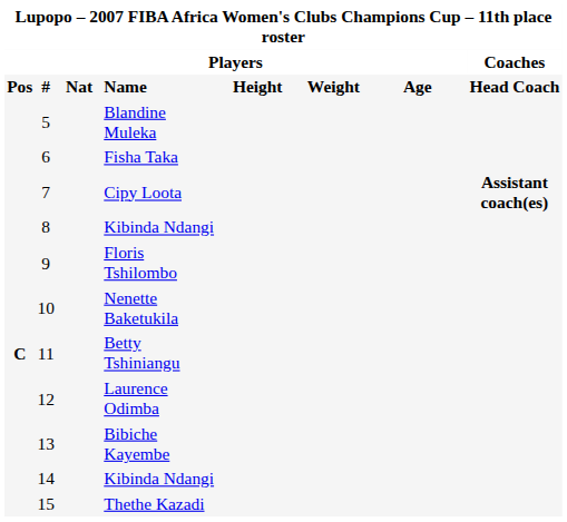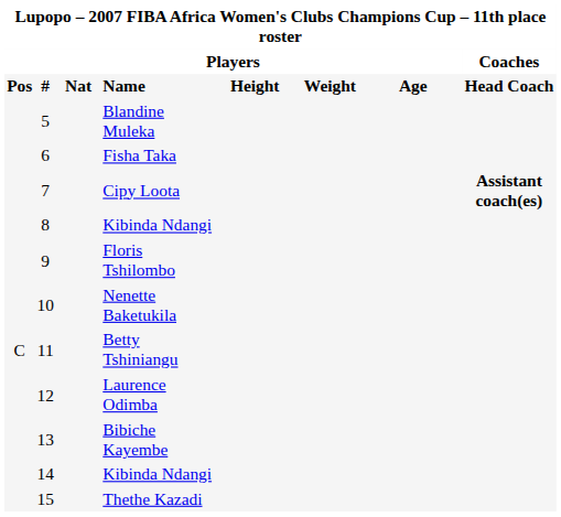 <table border=0 cellpadding=2 cellspacing=0  |- bgcolor=#f5f5f5 style="text-align:center; font-size:90%;" width=75%>
 <tr>
 <td colspan="8" style="background: white; color: black"><strong>Lupopo – 2007 FIBA Africa Women's Clubs Champions Cup – 11th place roster</strong></td>
 </tr>
 <tr>
 <td colspan="7" style="background: white; color: black"><strong>Players</strong></td>
 <td style="background: white; color: black"><strong>Coaches</strong></td>
 </tr>
 <tr style="background=#f5f5f5; color: black">
 <th width=5px>Pos</th>
 <th width=5px>#</th>
 <th width=50px>Nat</th>
 <th width=135px align=left>Name</th>
 <th width=100px>Height</th>
 <th width=70px>Weight</th>
 <th width=160px>Age</th>
 <th width=105px>Head Coach</th>
 </tr>
 <tr>
 <td></td>
 <td>5</td>
 <td></td>
 <td align=left><a href='#'>Blandine Muleka</a></td>
 <td></td>
 <td></td>
 <td><span></span></td>
 <td> <a href='#'></a></td>
 </tr>
 <tr>
 <td></td>
 <td>6</td>
 <td></td>
 <td align=left><a href='#'>Fisha Taka</a></td>
 <td></td>
 <td></td>
 <td><span></span></td>
 </tr>
 <tr>
 <td></td>
 <td>7</td>
 <td></td>
 <td align=left><a href='#'>Cipy Loota</a></td>
 <td></td>
 <td></td>
 <td><span></span></td>
 <td><strong>Assistant coach(es)</strong></td>
 </tr>
 <tr>
 <td></td>
 <td>8</td>
 <td></td>
 <td align=left><a href='#'>Kibinda Ndangi</a></td>
 <td></td>
 <td></td>
 <td><span></span></td>
 <td></td>
 </tr>
 <tr>
 <td></td>
 <td>9</td>
 <td></td>
 <td align=left><a href='#'>Floris Tshilombo</a></td>
 <td></td>
 <td></td>
 <td><span></span></td>
 <td></td>
 </tr>
 <tr>
 <td></td>
 <td>10</td>
 <td></td>
 <td align=left><a href='#'>Nenette Baketukila</a></td>
 <td></td>
 <td></td>
 <td><span></span></td>
 </tr>
 <tr>
-<td><strong>C</strong></td>
+<td>C</td>
 <td>11</td>
 <td></td>
 <td align=left><a href='#'>Betty Tshiniangu</a></td>
 <td><span></span></td>
 <td></td>
 <td><span></span></td>
 </tr>
 <tr>
 <td></td>
 <td>12</td>
 <td></td>
 <td align=left><a href='#'>Laurence Odimba</a></td>
 <td></td>
 <td></td>
 <td><span></span></td>
 </tr>
 <tr>
 <td></td>
 <td>13</td>
 <td></td>
 <td align=left><a href='#'>Bibiche Kayembe</a></td>
 <td></td>
 <td></td>
 <td><span></span></td>
 </tr>
 <tr>
 <td></td>
 <td>14</td>
 <td></td>
 <td align=left><a href='#'>Kibinda Ndangi</a></td>
 <td></td>
 <td></td>
 <td><span></span></td>
 </tr>
 <tr>
 <td></td>
 <td>15</td>
 <td></td>
 <td align=left><a href='#'>Thethe Kazadi</a></td>
 <td></td>
 <td></td>
 <td><span></span></td>
 </tr>
 </table>
